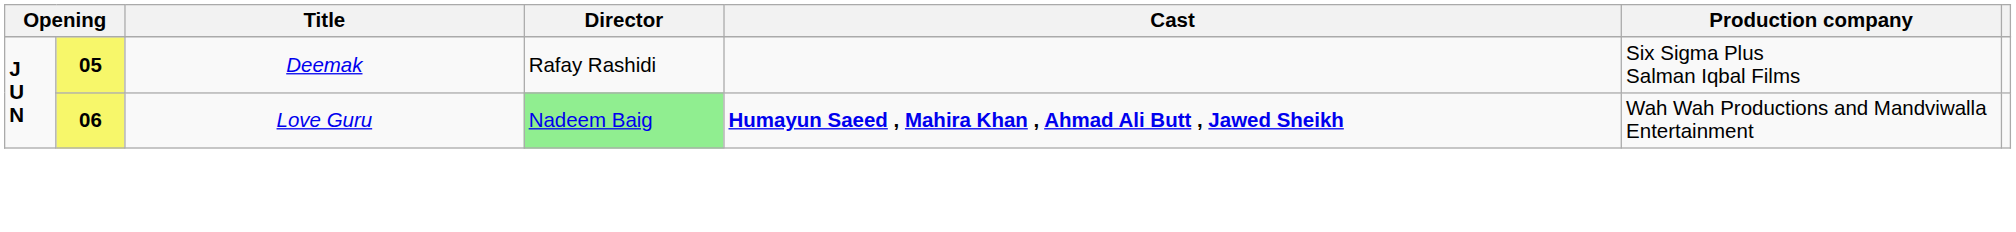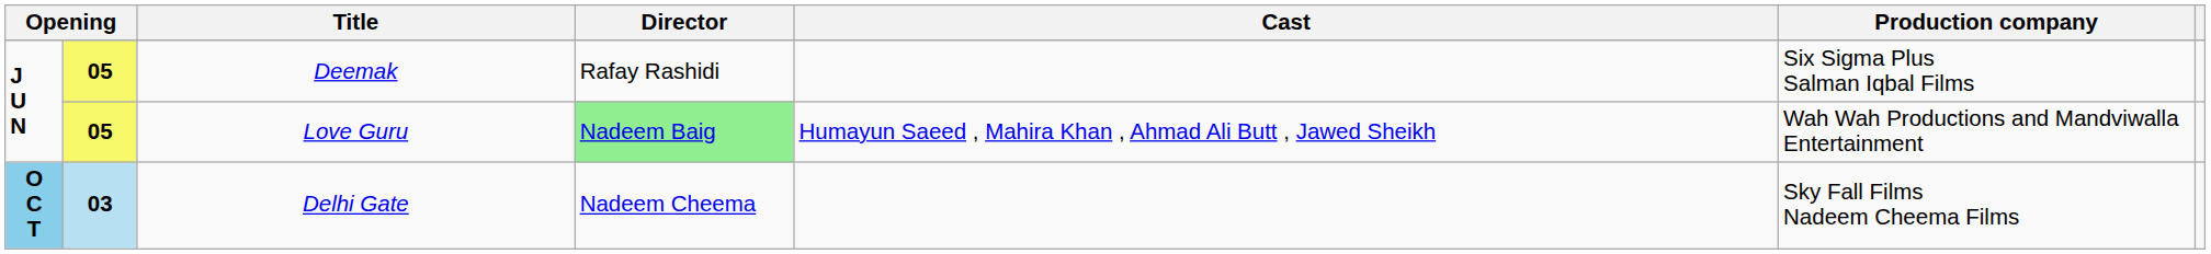 <table class="wikitable sortable">
 <tr>
 <th colspan="2" style="width:6%;">Opening</th>
 <th style="width:20%;">Title</th>
 <th style="width:10%;">Director</th>
 <th style="width:45%;">Cast</th>
 <th style="width:30%;">Production company</th>
 <th class="unsortable" style="width:1%;"></th>
 </tr>
 <tr>
 </tr>
 <tr>
 </tr>
 <tr>
 <td rowspan="2"><strong>J</strong><br><strong>U</strong><br><strong>N</strong></td>
 <td rowspan="1" style="text-align:center;background:#f7f76a"><strong>05</strong></td>
 <td style="text-align:center;"><em><a href='#'>Deemak</a></em></td>
 <td>Rafay Rashidi</td>
 <td></td>
 <td>Six Sigma Plus<br>Salman Iqbal Films</td>
 <td></td>
 </tr>
 <tr>
-<td rowspan="1" style="text-align:center;background:#f7f76a"><strong>06</strong></td>
+<td rowspan="1" style="text-align:center;background:#f7f76a"><strong>05</strong></td>
 <td style="text-align: center;"><em><a href='#'>Love Guru</a></em></td>
 <td style="background: lightgreen;"><a href='#'>Nadeem Baig</a></td>
-<td><strong><a href='#'>Humayun Saeed</a>  , <a href='#'>Mahira Khan</a> , <a href='#'>Ahmad Ali Butt</a> , <a href='#'>Jawed Sheikh</a></strong></td>
+<td><a href='#'>Humayun Saeed</a>  , <a href='#'>Mahira Khan</a> , <a href='#'>Ahmad Ali Butt</a> , <a href='#'>Jawed Sheikh</a></td>
 <td>Wah Wah Productions and Mandviwalla Entertainment</td>
 <td></td>
 </tr>
+<tr>
+<td rowspan="1" style="text-align:center; background:skyBlue;"><strong>O<br>C<br>T</strong></td>
+<td style="text-align:center; textcolor:#000; background:#b7e1f3;"><strong>03</strong></td>
+<td style="text-align:center;"><em><a href='#'>Delhi Gate</a></em></td>
+<td><a href='#'>Nadeem Cheema</a></td>
+<td></td>
+<td>Sky Fall Films<br>Nadeem Cheema Films</td>
+<td style="text-align:center; ">  </td>
+</tr>
 </table>
